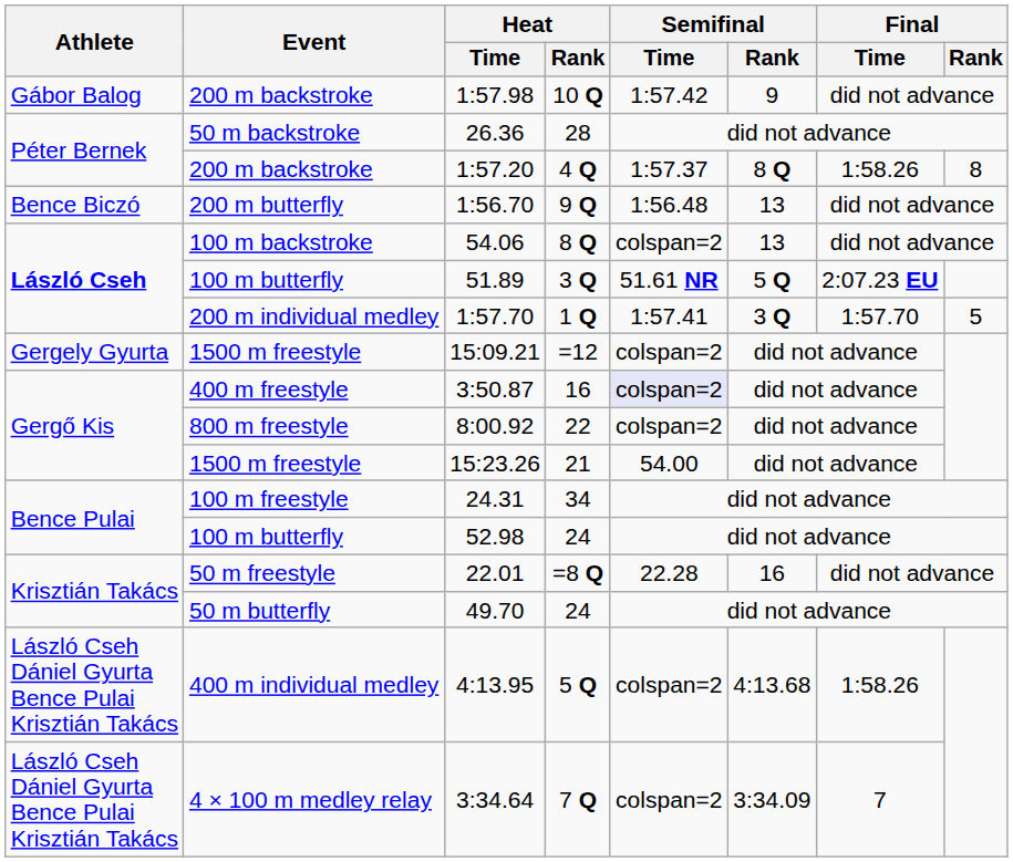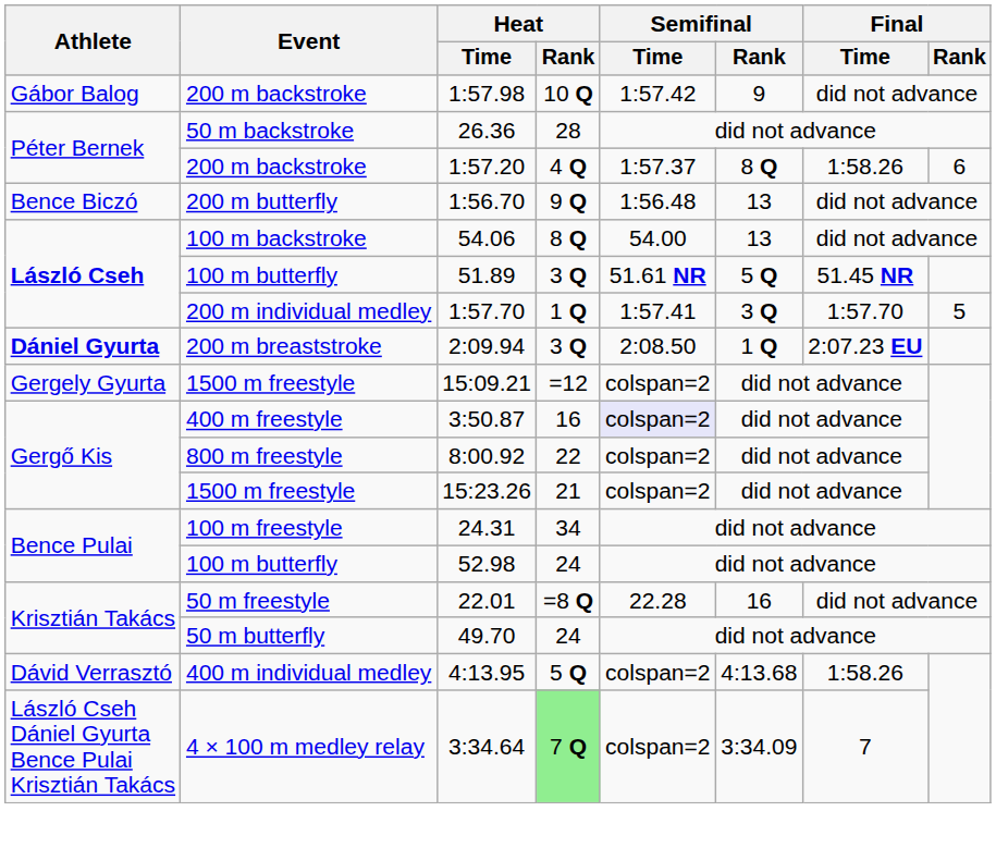 <table class=wikitable style="font-size:90%">
 <tr>
 <th rowspan="2">Athlete</th>
 <th rowspan="2">Event</th>
 <th colspan="2">Heat</th>
 <th colspan="2">Semifinal</th>
 <th colspan="2">Final</th>
 </tr>
 <tr style="font-size:95%">
 <th>Time</th>
 <th>Rank</th>
 <th>Time</th>
 <th>Rank</th>
 <th>Time</th>
 <th>Rank</th>
 </tr>
 <tr align=center>
 <td align=left><a href='#'>Gábor Balog</a></td>
 <td align=left><a href='#'>200 m backstroke</a></td>
 <td>1:57.98</td>
 <td>10 <strong>Q</strong></td>
 <td>1:57.42</td>
 <td>9</td>
 <td colspan=2>did not advance</td>
 </tr>
 <tr align=center>
 <td align=left rowspan=2><a href='#'>Péter Bernek</a></td>
 <td align=left><a href='#'>50 m backstroke</a></td>
 <td>26.36</td>
 <td>28</td>
 <td colspan=4>did not advance</td>
 </tr>
 <tr align=center>
 <td align=left><a href='#'>200 m backstroke</a></td>
 <td>1:57.20</td>
 <td>4 <strong>Q</strong></td>
 <td>1:57.37</td>
 <td>8 <strong>Q</strong></td>
 <td>1:58.26</td>
-<td>8</td>
+<td>6</td>
 </tr>
 <tr align=center>
 <td align=left><a href='#'>Bence Biczó</a></td>
 <td align=left><a href='#'>200 m butterfly</a></td>
 <td>1:56.70</td>
 <td>9 <strong>Q</strong></td>
 <td>1:56.48</td>
 <td>13</td>
 <td colspan=2>did not advance</td>
 </tr>
 <tr align=center>
 <td align=left rowspan=3><strong><a href='#'>László Cseh</a></strong></td>
 <td align=left><a href='#'>100 m backstroke</a></td>
 <td>54.06</td>
 <td>8 <strong>Q</strong></td>
-<td>colspan=2 </td>
+<td>54.00</td>
 <td>13</td>
 <td colspan=2>did not advance</td>
 </tr>
 <tr align=center>
 <td align=left><a href='#'>100 m butterfly</a></td>
 <td>51.89</td>
 <td>3 <strong>Q</strong></td>
 <td>51.61 <strong><a href='#'>NR</a></strong></td>
 <td>5 <strong>Q</strong></td>
-<td>2:07.23 <strong><a href='#'>EU</a></strong></td>
+<td>51.45 <strong><a href='#'>NR</a></strong></td>
 <td></td>
 </tr>
 <tr align=center>
 <td align=left><a href='#'>200 m individual medley</a></td>
 <td>1:57.70</td>
 <td>1 <strong>Q</strong></td>
 <td>1:57.41</td>
 <td>3 <strong>Q</strong></td>
 <td>1:57.70</td>
 <td>5</td>
+</tr>
+<tr align=center>
+<td align=left><strong><a href='#'>Dániel Gyurta</a></strong></td>
+<td align=left><a href='#'>200 m breaststroke</a></td>
+<td>2:09.94</td>
+<td>3 <strong>Q</strong></td>
+<td>2:08.50</td>
+<td>1 <strong>Q</strong></td>
+<td>2:07.23 <strong><a href='#'>EU</a></strong></td>
+<td></td>
 </tr>
 <tr align=center>
 <td align=left><a href='#'>Gergely Gyurta</a></td>
 <td align=left><a href='#'>1500 m freestyle</a></td>
 <td>15:09.21</td>
 <td>=12</td>
 <td>colspan=2 </td>
 <td colspan=2>did not advance</td>
 </tr>
 <tr align=center>
 <td align=left rowspan=3><a href='#'>Gergő Kis</a></td>
 <td align=left><a href='#'>400 m freestyle</a></td>
 <td>3:50.87</td>
 <td>16</td>
 <td style="background: lavender;">colspan=2 </td>
 <td colspan=2>did not advance</td>
 </tr>
 <tr align=center>
 <td align=left><a href='#'>800 m freestyle</a></td>
 <td>8:00.92</td>
 <td>22</td>
 <td>colspan=2 </td>
 <td colspan=2>did not advance</td>
 </tr>
 <tr align=center>
 <td align=left><a href='#'>1500 m freestyle</a></td>
 <td>15:23.26</td>
 <td>21</td>
-<td>54.00</td>
+<td>colspan=2 </td>
 <td colspan=2>did not advance</td>
 </tr>
 <tr align=center>
 <td align=left rowspan=2><a href='#'>Bence Pulai</a></td>
 <td align=left><a href='#'>100 m freestyle</a></td>
 <td>24.31</td>
 <td>34</td>
 <td colspan=4>did not advance</td>
 </tr>
 <tr align=center>
 <td align=left><a href='#'>100 m butterfly</a></td>
 <td>52.98</td>
 <td>24</td>
 <td colspan=4>did not advance</td>
 </tr>
 <tr align=center>
 <td align=left rowspan=2><a href='#'>Krisztián Takács</a></td>
 <td align=left><a href='#'>50 m freestyle</a></td>
 <td>22.01</td>
 <td>=8 <strong>Q</strong></td>
 <td>22.28</td>
 <td>16</td>
 <td colspan=2>did not advance</td>
 </tr>
 <tr align=center>
 <td align=left><a href='#'>50 m butterfly</a></td>
 <td>49.70</td>
 <td>24</td>
 <td colspan=4>did not advance</td>
 </tr>
 <tr align=center>
-<td align=left><a href='#'>László Cseh</a><br><a href='#'>Dániel Gyurta</a><br><a href='#'>Bence Pulai</a><br><a href='#'>Krisztián Takács</a></td>
+<td align=left><a href='#'>Dávid Verrasztó</a></td>
 <td align=left><a href='#'>400 m individual medley</a></td>
 <td>4:13.95</td>
 <td>5 <strong>Q</strong></td>
 <td>colspan=2 </td>
 <td>4:13.68</td>
 <td>1:58.26</td>
 </tr>
 <tr align=center>
 <td align=left><a href='#'>László Cseh</a><br><a href='#'>Dániel Gyurta</a><br><a href='#'>Bence Pulai</a><br><a href='#'>Krisztián Takács</a></td>
 <td align=left><a href='#'>4 × 100 m medley relay</a></td>
 <td>3:34.64</td>
-<td>7 <strong>Q</strong></td>
+<td style="background: lightgreen;">7 <strong>Q</strong></td>
 <td>colspan=2 </td>
 <td>3:34.09</td>
 <td>7</td>
 </tr>
 </table>
